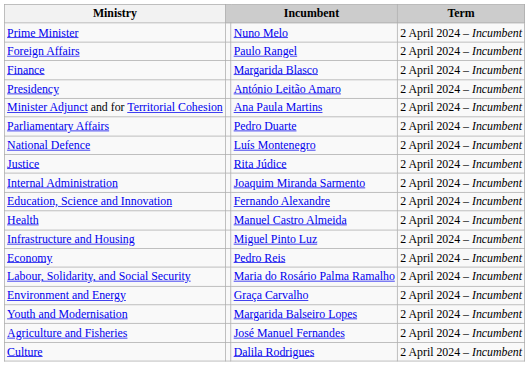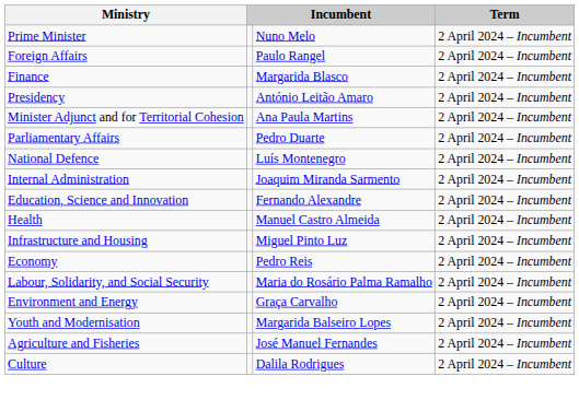 <table class="wikitable">
 <tr>
 <th>Ministry</th>
 <th colspan="2" style="background:#ccc;">Incumbent</th>
 <th style="background:#ccc;">Term</th>
 </tr>
 <tr>
 <td><a href='#'>Prime Minister</a></td>
 <td style="background:"></td>
 <td><a href='#'>Nuno Melo</a></td>
 <td>2 April 2024 –  <em>Incumbent</em></td>
 </tr>
 <tr>
 <td><a href='#'>Foreign Affairs</a></td>
 <td style="background:"></td>
 <td><a href='#'>Paulo Rangel</a></td>
 <td>2 April 2024 –  <em>Incumbent</em></td>
 </tr>
 <tr>
 <td rowspan="1"><a href='#'>Finance</a></td>
 <td style="background:"></td>
 <td><a href='#'>Margarida Blasco</a></td>
 <td>2 April 2024 –  <em>Incumbent</em></td>
 </tr>
 <tr>
 <td rowspan="1"><a href='#'>Presidency</a></td>
 <td style="background:"></td>
 <td><a href='#'>António Leitão Amaro</a></td>
 <td>2 April 2024 –  <em>Incumbent</em></td>
 </tr>
 <tr>
 <td><a href='#'>Minister Adjunct</a> and for <a href='#'>Territorial Cohesion</a></td>
 <td style="background:"></td>
 <td><a href='#'>Ana Paula Martins</a></td>
 <td>2 April 2024 –  <em>Incumbent</em></td>
 </tr>
 <tr>
 <td><a href='#'>Parliamentary Affairs</a></td>
 <td style="background:"></td>
 <td><a href='#'>Pedro Duarte</a></td>
 <td>2 April 2024 –  <em>Incumbent</em></td>
 </tr>
 <tr>
 <td><a href='#'>National Defence</a></td>
 <td style="background:"></td>
 <td><a href='#'>Luís Montenegro</a></td>
-<td>2 April 2024 –  <em>Incumbent</em></td>
-</tr>
-<tr>
-<td><a href='#'>Justice</a></td>
-<td style="background:"></td>
-<td><a href='#'>Rita Júdice</a></td>
 <td>2 April 2024 –  <em>Incumbent</em></td>
 </tr>
 <tr>
 <td><a href='#'>Internal Administration</a></td>
 <td style="background:"></td>
 <td><a href='#'>Joaquim Miranda Sarmento</a></td>
 <td>2 April 2024 –  <em>Incumbent</em></td>
 </tr>
 <tr>
 <td><a href='#'>Education, Science and Innovation</a></td>
 <td style="background:"></td>
 <td><a href='#'>Fernando Alexandre</a></td>
 <td>2 April 2024 –  <em>Incumbent</em></td>
 </tr>
 <tr>
 <td><a href='#'>Health</a></td>
 <td style="background:"></td>
 <td><a href='#'>Manuel Castro Almeida</a></td>
 <td>2 April 2024 –  <em>Incumbent</em></td>
 </tr>
 <tr>
 <td><a href='#'>Infrastructure and Housing</a></td>
 <td style="background:"></td>
 <td><a href='#'>Miguel Pinto Luz</a></td>
 <td>2 April 2024 –  <em>Incumbent</em></td>
 </tr>
 <tr>
 <td><a href='#'>Economy</a></td>
 <td style="background:"></td>
 <td><a href='#'>Pedro Reis</a></td>
 <td>2 April 2024 –  <em>Incumbent</em></td>
 </tr>
 <tr>
 <td><a href='#'>Labour, Solidarity, and Social Security</a></td>
 <td style="background:"></td>
 <td><a href='#'>Maria do Rosário Palma Ramalho</a></td>
 <td>2 April 2024 –  <em>Incumbent</em></td>
 </tr>
 <tr>
 <td><a href='#'>Environment and Energy</a></td>
 <td style="background:"></td>
 <td><a href='#'>Graça Carvalho</a></td>
 <td>2 April 2024 –  <em>Incumbent</em></td>
 </tr>
 <tr>
 <td><a href='#'>Youth and Modernisation</a></td>
 <td style="background:"></td>
 <td><a href='#'>Margarida Balseiro Lopes</a></td>
 <td>2 April 2024 –  <em>Incumbent</em></td>
 </tr>
 <tr>
 <td><a href='#'>Agriculture and Fisheries</a></td>
 <td style="background:"></td>
 <td><a href='#'>José Manuel Fernandes</a></td>
 <td>2 April 2024 –  <em>Incumbent</em></td>
 </tr>
 <tr>
 <td><a href='#'>Culture</a></td>
 <td style="background:"></td>
 <td><a href='#'>Dalila Rodrigues</a></td>
 <td>2 April 2024 –  <em>Incumbent</em></td>
 </tr>
 </table>
